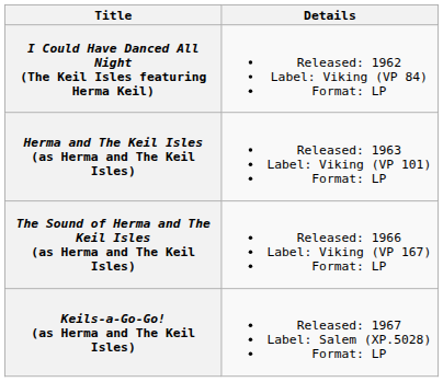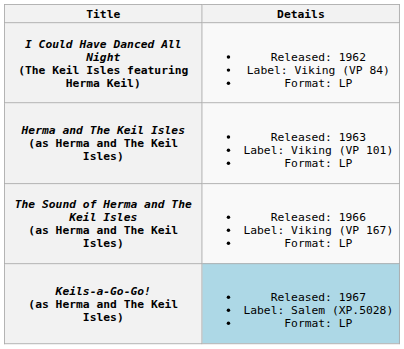 <table class="wikitable plainrowheaders" style="text-align:center;" border="1">
 <tr>
 <th scope="col" style="width:17em;">Title</th>
 <th scope="col" style="width:17em;">Details</th>
 </tr>
 <tr>
 <th scope="row"><em>I Could Have Danced All Night</em> <br> (The Keil Isles featuring Herma Keil)</th>
 <td><br><ul><li>Released: 1962</li><li>Label: Viking (VP 84)</li><li>Format: LP</li></ul></td>
 </tr>
 <tr>
 <th scope="row"><em>Herma and The Keil Isles</em> <br> (as Herma and The Keil Isles)</th>
 <td><br><ul><li>Released: 1963</li><li>Label: Viking (VP 101)</li><li>Format: LP</li></ul></td>
 </tr>
 <tr>
 <th scope="row"><em>The Sound of Herma and The Keil Isles</em> <br> (as Herma and The Keil Isles)</th>
 <td><br><ul><li>Released: 1966</li><li>Label: Viking (VP 167)</li><li>Format: LP</li></ul></td>
 </tr>
 <tr>
 <th scope="row"><em>Keils-a-Go-Go!</em> <br> (as Herma and The Keil Isles)</th>
-<td><br><ul><li>Released: 1967</li><li>Label: Salem (XP.5028)</li><li>Format: LP</li></ul></td>
+<td style="background: lightblue;"><br><ul><li>Released: 1967</li><li>Label: Salem (XP.5028)</li><li>Format: LP</li></ul></td>
 </tr>
 </table>
